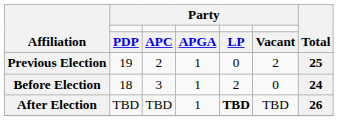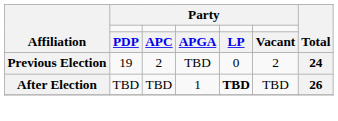 <table class=wikitable style="text-align:center">
 <tr style="vertical-align:bottom;">
 <th rowspan=3>Affiliation</th>
 <th colspan=5>Party</th>
 <th rowspan=3>Total</th>
 </tr>
 <tr>
 <td style="background-color:"></td>
 <td style="background-color:"></td>
 <td style="background-color:"></td>
 <td style="background-color:"></td>
 <td style="background-color:"></td>
 </tr>
 <tr>
 <th><a href='#'>PDP</a></th>
 <th><a href='#'>APC</a></th>
 <th><a href='#'>APGA</a></th>
 <th><a href='#'>LP</a></th>
 <th>Vacant</th>
 </tr>
 <tr>
 <th>Previous Election</th>
 <td>19</td>
 <td>2</td>
-<td>1</td>
+<td>TBD</td>
 <td>0</td>
 <td>2</td>
-<th>25</th>
-</tr>
-<tr>
-<th>Before Election</th>
-<td>18</td>
-<td>3</td>
-<td>1</td>
-<td>2</td>
-<td>0</td>
 <th>24</th>
 </tr>
 <tr>
 <th>After Election</th>
 <td>TBD</td>
 <td>TBD</td>
 <td>1</td>
 <td><strong>TBD</strong></td>
 <td>TBD</td>
 <th>26</th>
 </tr>
 <tr>
 </tr>
 </table>
